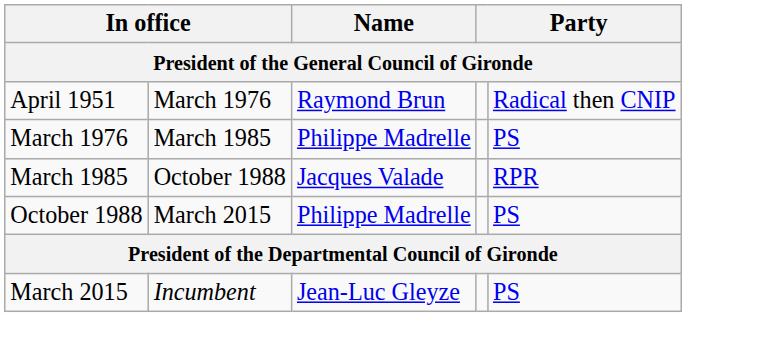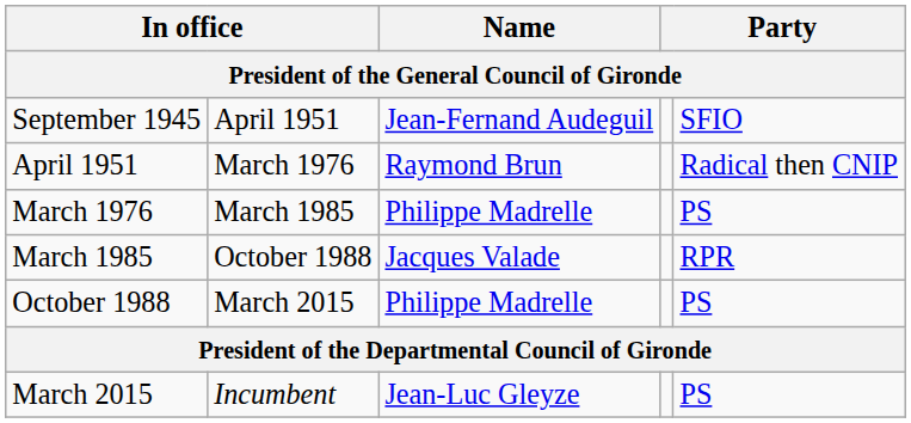 <table class="wikitable">
 <tr>
 <th colspan="2">In office</th>
 <th>Name</th>
 <th colspan="2">Party</th>
 </tr>
 <tr>
 <th colspan="5"><small>President of the General Council of Gironde</small></th>
+</tr>
+<tr>
+<td>September 1945</td>
+<td>April 1951</td>
+<td><a href='#'>Jean-Fernand Audeguil</a></td>
+<td style="color:inherit;background:"></td>
+<td><a href='#'>SFIO</a></td>
 </tr>
 <tr>
 <td>April 1951</td>
 <td>March 1976</td>
 <td><a href='#'>Raymond Brun</a></td>
 <td style="color:inherit;background:"></td>
 <td><a href='#'>Radical</a> then <a href='#'>CNIP</a></td>
 </tr>
 <tr>
 <td>March 1976</td>
 <td>March 1985</td>
 <td><a href='#'>Philippe Madrelle</a></td>
 <td style="color:inherit;background:"></td>
 <td><a href='#'>PS</a></td>
 </tr>
 <tr>
 <td>March 1985</td>
 <td>October 1988</td>
 <td><a href='#'>Jacques Valade</a></td>
 <td style="color:inherit;background:"></td>
 <td><a href='#'>RPR</a></td>
 </tr>
 <tr>
 <td>October 1988</td>
 <td>March 2015</td>
 <td><a href='#'>Philippe Madrelle</a></td>
 <td style="color:inherit;background:"></td>
 <td><a href='#'>PS</a></td>
 </tr>
 <tr>
 <th colspan="5"><small>President of the Departmental Council of Gironde</small></th>
 </tr>
 <tr>
 <td>March 2015</td>
 <td><em>Incumbent</em></td>
 <td><a href='#'>Jean-Luc Gleyze</a></td>
 <td style="color:inherit;background:"></td>
 <td><a href='#'>PS</a></td>
 </tr>
 </table>
